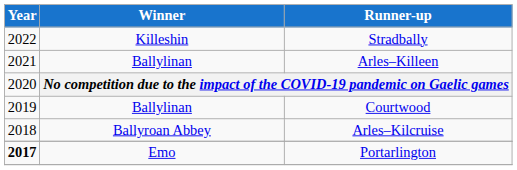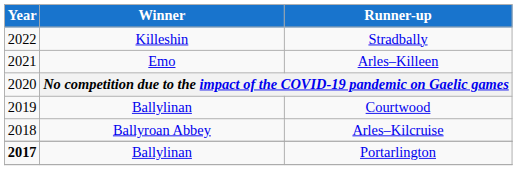 <table class="wikitable" style="text-align:center;">
 <tr>
 <th style="background:#1874CD;color:white">Year</th>
 <th style="background:#1874CD;color:white">Winner</th>
 <th style="background:#1874CD;color:white">Runner-up</th>
 </tr>
 <tr>
 <td>2022</td>
 <td><a href='#'>Killeshin</a></td>
 <td><a href='#'>Stradbally</a></td>
 </tr>
 <tr>
 <td>2021</td>
-<td><a href='#'>Ballylinan</a></td>
+<td><a href='#'>Emo</a></td>
 <td><a href='#'>Arles–Killeen</a></td>
 </tr>
 <tr>
 <td>2020</td>
 <th colspan=2 align=center><em>No competition due to the <a href='#'>impact of the COVID-19 pandemic on Gaelic games</a></em></th>
 </tr>
 <tr>
 <td>2019</td>
 <td><a href='#'>Ballylinan</a></td>
 <td><a href='#'>Courtwood</a></td>
 </tr>
 <tr>
 <td>2018</td>
 <td><a href='#'>Ballyroan Abbey</a></td>
 <td><a href='#'>Arles–Kilcruise</a></td>
 </tr>
 <tr>
 </tr>
 <tr>
 <td><strong>2017</strong></td>
-<td><a href='#'>Emo</a></td>
+<td><a href='#'>Ballylinan</a></td>
 <td><a href='#'>Portarlington</a></td>
 </tr>
 <tr>
 </tr>
 </table>
